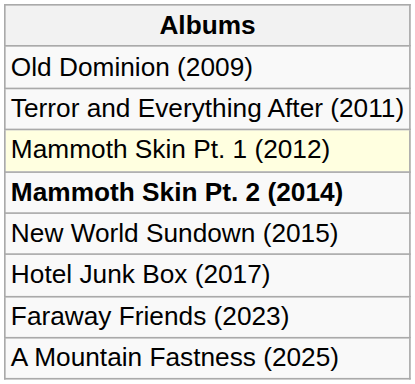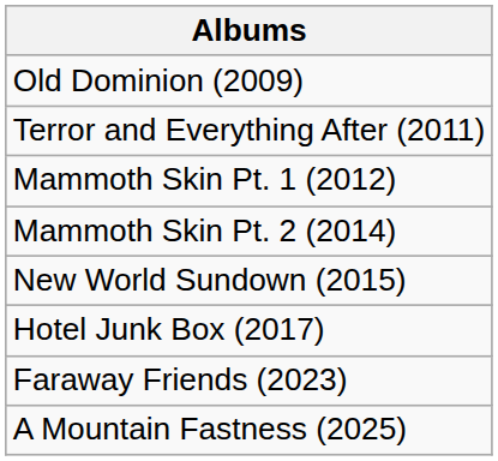 <table class="wikitable">
 <tr>
 <th>Albums</th>
 </tr>
 <tr>
 <td>Old Dominion (2009)</td>
 </tr>
 <tr>
 <td>Terror and Everything After (2011)</td>
 </tr>
 <tr>
-<td style="background: lightyellow;">Mammoth Skin Pt. 1 (2012)</td>
+<td>Mammoth Skin Pt. 1 (2012)</td>
 </tr>
 <tr>
-<td><strong>Mammoth Skin Pt. 2 (2014)</strong></td>
+<td>Mammoth Skin Pt. 2 (2014)</td>
 </tr>
 <tr>
 <td>New World Sundown (2015)</td>
 </tr>
 <tr>
 <td>Hotel Junk Box (2017)</td>
 </tr>
 <tr>
 <td>Faraway Friends (2023)</td>
 </tr>
 <tr>
 <td>A Mountain Fastness (2025)</td>
 </tr>
 </table>
